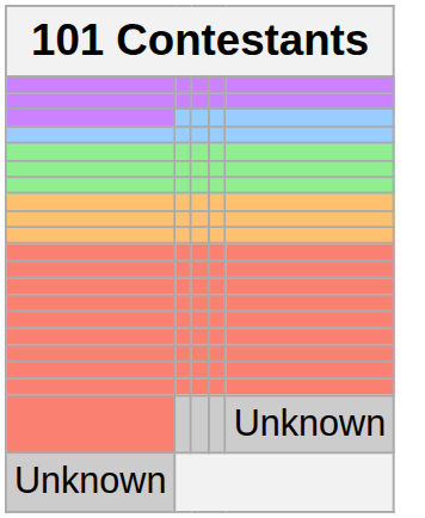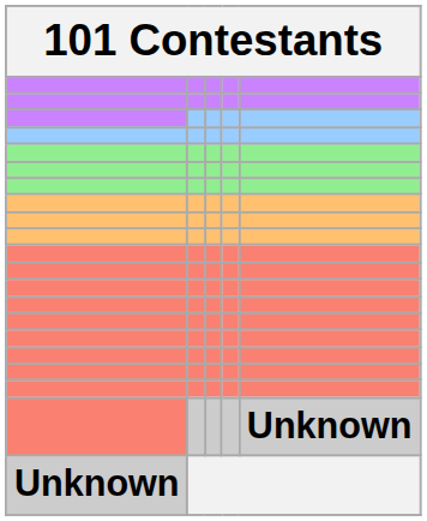 <table class="wikitable" style="text-align:center">
 <tr>
 <th scope="col" style="width:100%; font-size:120%" colspan="5">101 Contestants</th>
 </tr>
 <tr>
 <td style="background:#CA82FF"></td>
 <td style="background:#CA82FF"></td>
 <td style="background:#CA82FF"></td>
 <td style="background:#CA82FF"></td>
 <td style="background:#CA82FF"></td>
 </tr>
 <tr>
 <td style="background:#CA82FF"></td>
 <td style="background:#CA82FF"></td>
 <td style="background:#CA82FF"></td>
 <td style="background:#CA82FF"></td>
 <td style="background:#CA82FF"></td>
 </tr>
 <tr>
 <td style="background:#CA82FF"></td>
 <td style="background:#99ccff"></td>
 <td style="background:#99ccff"></td>
 <td style="background:#99ccff"></td>
 <td style="background:#99ccff"></td>
 </tr>
 <tr>
 <td style="background:#99ccff"></td>
 <td style="background:#99ccff"></td>
 <td style="background:#99ccff"></td>
 <td style="background:#99ccff"></td>
 <td style="background:#99ccff"></td>
 </tr>
 <tr>
 <td style="background:#90EE90"></td>
 <td style="background:#90EE90"></td>
 <td style="background:#90EE90"></td>
 <td style="background:#90EE90"></td>
 <td style="background:#90EE90"></td>
 </tr>
 <tr>
 <td style="background:#90EE90"></td>
 <td style="background:#90EE90"></td>
 <td style="background:#90EE90"></td>
 <td style="background:#90EE90"></td>
 <td style="background:#90EE90"></td>
 </tr>
 <tr>
 <td style="background:#90EE90"></td>
 <td style="background:#90EE90"></td>
 <td style="background:#90EE90"></td>
 <td style="background:#90EE90"></td>
 <td style="background:#90EE90"></td>
 </tr>
 <tr>
 <td style="background:#FFC06F"></td>
 <td style="background:#FFC06F"></td>
 <td style="background:#FFC06F"></td>
 <td style="background:#FFC06F"></td>
 <td style="background:#FFC06F"></td>
 </tr>
 <tr>
 <td style="background:#FFC06F"></td>
 <td style="background:#FFC06F"></td>
 <td style="background:#FFC06F"></td>
 <td style="background:#FFC06F"></td>
 <td style="background:#FFC06F"></td>
 </tr>
 <tr>
 <td style="background:#FFC06F"></td>
 <td style="background:#FFC06F"></td>
 <td style="background:#FFC06F"></td>
 <td style="background:#FFC06F"></td>
 <td style="background:#FFC06F"></td>
 </tr>
 <tr>
 <td style="background:salmon"></td>
 <td style="background:salmon"></td>
 <td style="background:salmon"></td>
 <td style="background:salmon"></td>
 <td style="background:salmon"></td>
 </tr>
 <tr>
 <td style="background:salmon"></td>
 <td style="background:salmon"></td>
 <td style="background:salmon"></td>
 <td style="background:salmon"></td>
 <td style="background:salmon"></td>
 </tr>
 <tr>
 <td style="background:salmon"></td>
 <td style="background:salmon"></td>
 <td style="background:salmon"></td>
 <td style="background:salmon"></td>
 <td style="background:salmon"></td>
 </tr>
 <tr>
 <td style="background:salmon"></td>
 <td style="background:salmon"></td>
 <td style="background:salmon"></td>
 <td style="background:salmon"></td>
 <td style="background:salmon"></td>
 </tr>
 <tr>
 <td style="background:salmon"></td>
 <td style="background:salmon"></td>
 <td style="background:salmon"></td>
 <td style="background:salmon"></td>
 <td style="background:salmon"></td>
 </tr>
 <tr>
 <td style="background:salmon"></td>
 <td style="background:salmon"></td>
 <td style="background:salmon"></td>
 <td style="background:salmon"></td>
 <td style="background:salmon"></td>
 </tr>
 <tr>
 <td style="background:salmon"></td>
 <td style="background:salmon"></td>
 <td style="background:salmon"></td>
 <td style="background:salmon"></td>
 <td style="background:salmon"></td>
 </tr>
 <tr>
 <td style="background:salmon"></td>
 <td style="background:salmon"></td>
 <td style="background:salmon"></td>
 <td style="background:salmon"></td>
 <td style="background:salmon"></td>
 </tr>
 <tr>
 <td style="background:salmon"></td>
 <td style="background:salmon"></td>
 <td style="background:salmon"></td>
 <td style="background:salmon"></td>
 <td style="background:salmon"></td>
 </tr>
 <tr>
 <td style="background:salmon"></td>
 <td style="background:#CCCCCC"></td>
 <td style="background:#CCCCCC"></td>
 <td style="background:#CCCCCC"></td>
-<td style="background:#CCCCCC">Unknown</td>
+<td style="background:#CCCCCC"><strong>Unknown</strong></td>
 </tr>
 <tr>
-<td style="background:#CCCCCC">Unknown</td>
+<td style="background:#CCCCCC"><strong>Unknown</strong></td>
 <th colspan="4"></th>
 </tr>
 </table>
